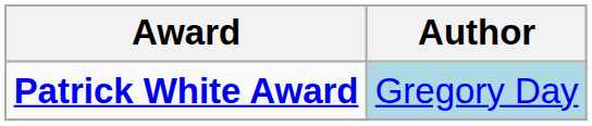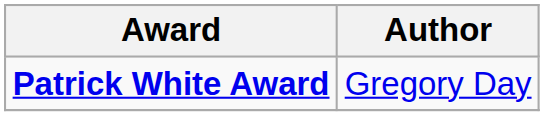 <table class="wikitable">
 <tr>
 <th>Award</th>
 <th>Author</th>
 </tr>
 <tr>
 <td><strong><a href='#'>Patrick White Award</a></strong></td>
-<td style="background: lightblue;"><a href='#'>Gregory Day</a></td>
+<td><a href='#'>Gregory Day</a></td>
 </tr>
 <tr>
 </tr>
 </table>
